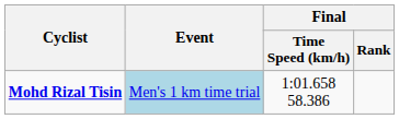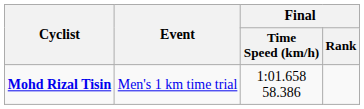 <table class="wikitable" style="font-size:90%">
 <tr>
 <th rowspan=2>Cyclist</th>
 <th rowspan=2>Event</th>
 <th colspan=2>Final</th>
 </tr>
 <tr style="font-size:95%">
 <th>Time<br>Speed (km/h)</th>
 <th>Rank</th>
 </tr>
 <tr align=center>
 <td align=left><strong><a href='#'>Mohd Rizal Tisin</a></strong></td>
-<td align=left style="background: lightblue;"><a href='#'>Men's 1 km time trial</a></td>
+<td align=left><a href='#'>Men's 1 km time trial</a></td>
 <td>1:01.658<br>58.386</td>
 <td></td>
 </tr>
 </table>
